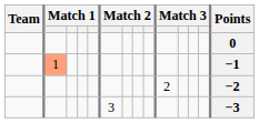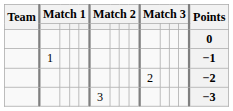 <table class="wikitable sortable" style="text-align:center;">
 <tr>
 <th rowspan=2>Team</th>
 <th colspan=4 style="border-left:3px solid gray">Match 1</th>
 <th colspan=4 style="border-left:3px solid gray">Match 2</th>
 <th colspan=4 style="border-left:3px solid gray">Match 3</th>
 <th rowspan=2 style="border-left:3px solid gray">Points</th>
 </tr>
 <tr>
 <th style="border-left:3px solid gray"></th>
 <th></th>
 <th></th>
 <th></th>
 <th style="border-left:3px solid gray"></th>
 <th></th>
 <th></th>
 <th></th>
 <th style="border-left:3px solid gray"></th>
 <th></th>
 <th></th>
 <th></th>
 </tr>
 <tr>
 <td align=left></td>
 <td style="border-left:3px solid gray"></td>
 <td></td>
 <td></td>
 <td></td>
 <td style="border-left:3px solid gray"></td>
 <td></td>
 <td></td>
 <td></td>
 <td style="border-left:3px solid gray"></td>
 <td></td>
 <td></td>
 <td></td>
 <th style="border-left:3px solid gray">0</th>
 </tr>
 <tr>
 <td align=left></td>
-<td style="background: lightsalmon; border-left:3px solid gray">1</td>
+<td style="border-left:3px solid gray">1</td>
 <td></td>
 <td></td>
 <td></td>
 <td style="border-left:3px solid gray"></td>
 <td></td>
 <td></td>
 <td></td>
 <td style="border-left:3px solid gray"></td>
 <td></td>
 <td></td>
 <td></td>
 <th style="border-left:3px solid gray">−1</th>
 </tr>
 <tr>
 <td align=left></td>
 <td style="border-left:3px solid gray"></td>
 <td></td>
 <td></td>
 <td></td>
 <td style="border-left:3px solid gray"></td>
 <td></td>
 <td></td>
 <td></td>
 <td style="border-left:3px solid gray">2</td>
 <td></td>
 <td></td>
 <td></td>
 <th style="border-left:3px solid gray">−2</th>
 </tr>
 <tr>
 <td align=left></td>
 <td style="border-left:3px solid gray"></td>
 <td></td>
 <td></td>
 <td></td>
 <td style="border-left:3px solid gray">3</td>
 <td></td>
 <td></td>
 <td></td>
 <td style="border-left:3px solid gray"></td>
 <td></td>
 <td></td>
 <td></td>
 <th style="border-left:3px solid gray">−3</th>
 </tr>
 </table>
